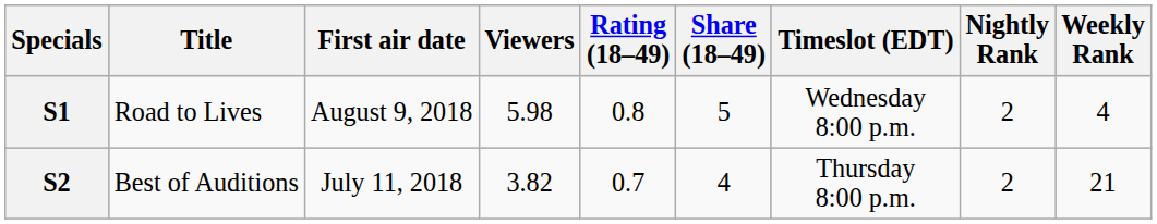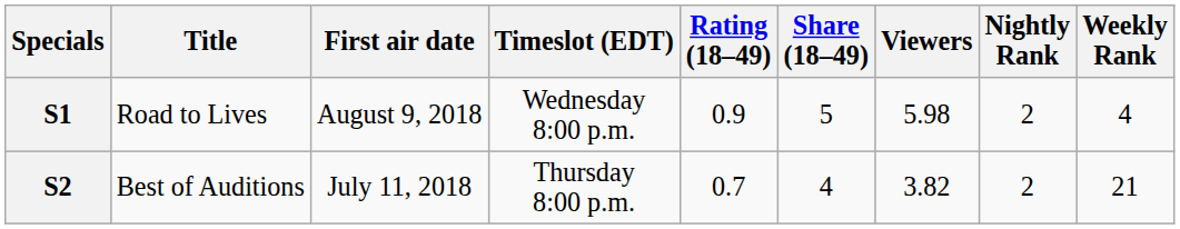 <table class="wikitable" style="text-align:center">
 <tr>
 <th>Specials</th>
 <th>Title</th>
 <th>First air date</th>
-<th>Viewers<br></th>
+<th>Timeslot (EDT)</th>
 <th><a href='#'>Rating</a><br>(18–49)</th>
 <th><a href='#'>Share</a><br>(18–49)</th>
-<th>Timeslot (EDT)</th>
+<th>Viewers<br></th>
 <th>Nightly<br>Rank</th>
 <th>Weekly<br>Rank</th>
 </tr>
 <tr>
 <th>S1</th>
 <td style="text-align:left;">Road to Lives</td>
 <td>August 9, 2018</td>
+<td>Wednesday<br>8:00 p.m.</td>
+<td>0.9</td>
+<td>5</td>
 <td>5.98</td>
-<td>0.8</td>
-<td>5</td>
-<td>Wednesday<br>8:00 p.m.</td>
 <td>2</td>
 <td>4</td>
 </tr>
 <tr>
 <th>S2</th>
 <td style="text-align:left;">Best of Auditions</td>
 <td>July 11, 2018</td>
-<td>3.82</td>
+<td>Thursday<br>8:00 p.m.</td>
 <td>0.7</td>
 <td>4</td>
-<td>Thursday<br>8:00 p.m.</td>
+<td>3.82</td>
 <td>2</td>
 <td>21</td>
 </tr>
 </table>
